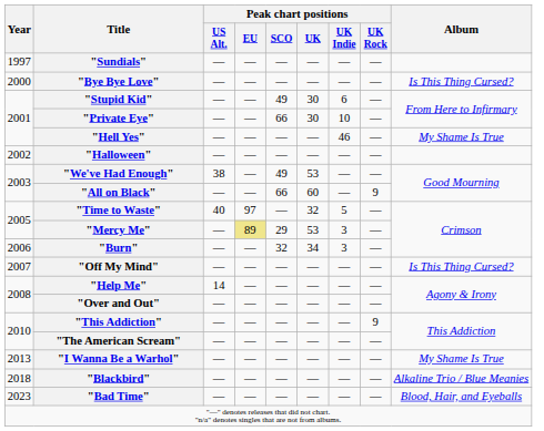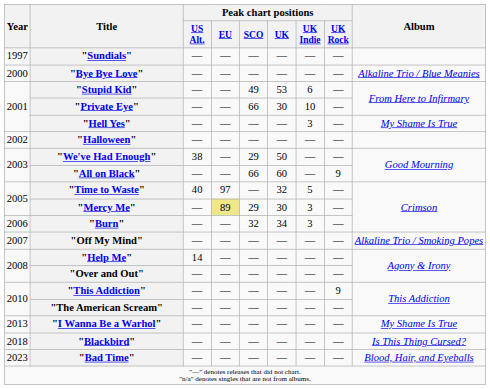 <table class="wikitable plainrowheaders" style="text-align:center;">
 <tr>
 <th scope="col" rowspan="2">Year</th>
 <th scope="col" rowspan="2" style="width:14em;">Title</th>
 <th scope="col" colspan="6">Peak chart positions</th>
 <th scope="col" rowspan="2">Album</th>
 </tr>
 <tr>
 <th scope="col" style="width:2.5em;font-size:90%;"><a href='#'>US<br>Alt.</a><br></th>
 <th scope="col" style="width:2.5em;font-size:90%;"><a href='#'>EU</a><br></th>
 <th scope="col" style="width:2.5em;font-size:90%;"><a href='#'>SCO</a><br></th>
 <th scope="col" style="width:2.5em;font-size:90%;"><a href='#'>UK</a><br></th>
 <th scope="col" style="width:2.5em;font-size:90%;"><a href='#'>UK<br>Indie</a><br></th>
 <th scope="col" style="width:2.5em;font-size:90%;"><a href='#'>UK<br>Rock</a> <br></th>
 </tr>
 <tr>
 <td>1997</td>
 <th scope="row">"<a href='#'>Sundials</a>"</th>
 <td>—</td>
 <td>—</td>
 <td>—</td>
 <td>—</td>
 <td>—</td>
 <td>—</td>
 <td></td>
 </tr>
 <tr>
 <td>2000</td>
 <th scope="row">"<a href='#'>Bye Bye Love</a>"</th>
 <td>—</td>
 <td>—</td>
 <td>—</td>
 <td>—</td>
 <td>—</td>
 <td>—</td>
-<td><em><a href='#'>Is This Thing Cursed?</a></em></td>
+<td><em><a href='#'>Alkaline Trio / Blue Meanies</a></em></td>
 </tr>
 <tr>
 <td rowspan="3">2001</td>
 <th scope="row">"<a href='#'>Stupid Kid</a>"</th>
 <td>—</td>
 <td>—</td>
 <td>49</td>
-<td>30</td>
+<td>53</td>
 <td>6</td>
 <td>—</td>
 <td rowspan="2"><em><a href='#'>From Here to Infirmary</a></em></td>
 </tr>
 <tr>
 <th scope="row">"<a href='#'>Private Eye</a>"</th>
 <td>—</td>
 <td>—</td>
 <td>66</td>
 <td>30</td>
 <td>10</td>
 <td>—</td>
 </tr>
 <tr>
 <th scope="row">"<a href='#'>Hell Yes</a>"</th>
 <td>—</td>
 <td>—</td>
 <td>—</td>
 <td>—</td>
-<td>46</td>
+<td>3</td>
 <td>—</td>
 <td><em><a href='#'>My Shame Is True</a></em></td>
 </tr>
 <tr>
 <td>2002</td>
 <th scope="row">"<a href='#'>Halloween</a>"</th>
 <td>—</td>
 <td>—</td>
 <td>—</td>
 <td>—</td>
 <td>—</td>
 <td>—</td>
 </tr>
 <tr>
 <td rowspan="2">2003</td>
 <th scope="row">"<a href='#'>We've Had Enough</a>"</th>
 <td>38</td>
 <td>—</td>
-<td>49</td>
-<td>53</td>
+<td>29</td>
+<td>50</td>
 <td>—</td>
 <td>—</td>
 <td rowspan="2"><em><a href='#'>Good Mourning</a></em></td>
 </tr>
 <tr>
 <th scope="row">"<a href='#'>All on Black</a>"</th>
 <td>—</td>
 <td>—</td>
 <td>66</td>
 <td>60</td>
 <td>—</td>
 <td>9</td>
 </tr>
 <tr>
 <td rowspan="2">2005</td>
 <th scope="row">"<a href='#'>Time to Waste</a>"</th>
 <td>40</td>
 <td>97</td>
 <td>—</td>
 <td>32</td>
 <td>5</td>
 <td>—</td>
 <td rowspan="3"><em><a href='#'>Crimson</a></em></td>
 </tr>
 <tr>
 <th scope="row">"<a href='#'>Mercy Me</a>"</th>
 <td>—</td>
 <td style="background: khaki;">89</td>
 <td>29</td>
-<td>53</td>
+<td>30</td>
 <td>3</td>
 <td>—</td>
 </tr>
 <tr>
 <td>2006</td>
 <th scope="row">"<a href='#'>Burn</a>"</th>
 <td>—</td>
 <td>—</td>
 <td>32</td>
 <td>34</td>
 <td>3</td>
 <td>—</td>
 </tr>
 <tr>
 <td>2007</td>
 <th scope="row">"Off My Mind"</th>
 <td>—</td>
 <td>—</td>
 <td>—</td>
 <td>—</td>
 <td>—</td>
 <td>—</td>
-<td><em><a href='#'>Is This Thing Cursed?</a></em></td>
+<td><em><a href='#'>Alkaline Trio / Smoking Popes</a></em></td>
 </tr>
 <tr>
 <td rowspan="2">2008</td>
 <th scope="row">"<a href='#'>Help Me</a>"</th>
 <td>14</td>
 <td>—</td>
 <td>—</td>
 <td>—</td>
 <td>—</td>
 <td>—</td>
 <td rowspan="2"><em><a href='#'>Agony & Irony</a></em></td>
 </tr>
 <tr>
 <th scope="row">"Over and Out"</th>
 <td>—</td>
 <td>—</td>
 <td>—</td>
 <td>—</td>
 <td>—</td>
 <td>—</td>
 </tr>
 <tr>
 <td rowspan="2">2010</td>
 <th scope="row">"<a href='#'>This Addiction</a>"</th>
 <td>—</td>
 <td>—</td>
 <td>—</td>
 <td>—</td>
 <td>—</td>
 <td>9</td>
 <td rowspan="2"><em><a href='#'>This Addiction</a></em></td>
 </tr>
 <tr>
 <th scope="row">"The American Scream"</th>
 <td>—</td>
 <td>—</td>
 <td>—</td>
 <td>—</td>
 <td>—</td>
 <td>—</td>
 </tr>
 <tr>
 <td>2013</td>
 <th scope="row">"<a href='#'>I Wanna Be a Warhol</a>"</th>
 <td>—</td>
 <td>—</td>
 <td>—</td>
 <td>—</td>
 <td>—</td>
 <td>—</td>
 <td><em><a href='#'>My Shame Is True</a></em></td>
 </tr>
 <tr>
 <td>2018</td>
 <th scope="row">"<a href='#'>Blackbird</a>"</th>
 <td>—</td>
 <td>—</td>
 <td>—</td>
 <td>—</td>
 <td>—</td>
 <td>—</td>
-<td><em><a href='#'>Alkaline Trio / Blue Meanies</a></em></td>
+<td><em><a href='#'>Is This Thing Cursed?</a></em></td>
 </tr>
 <tr>
 <td>2023</td>
 <th scope="row">"<a href='#'>Bad Time</a>"</th>
 <td>—</td>
 <td>—</td>
 <td>—</td>
 <td>—</td>
 <td>—</td>
 <td>—</td>
 <td><em><a href='#'>Blood, Hair, and Eyeballs</a></em></td>
 </tr>
 <tr>
 <td align="center" colspan="9" style="font-size: 8pt">"—" denotes releases that did not chart.<br>"n/a" denotes singles that are not from albums.</td>
 </tr>
 </table>
